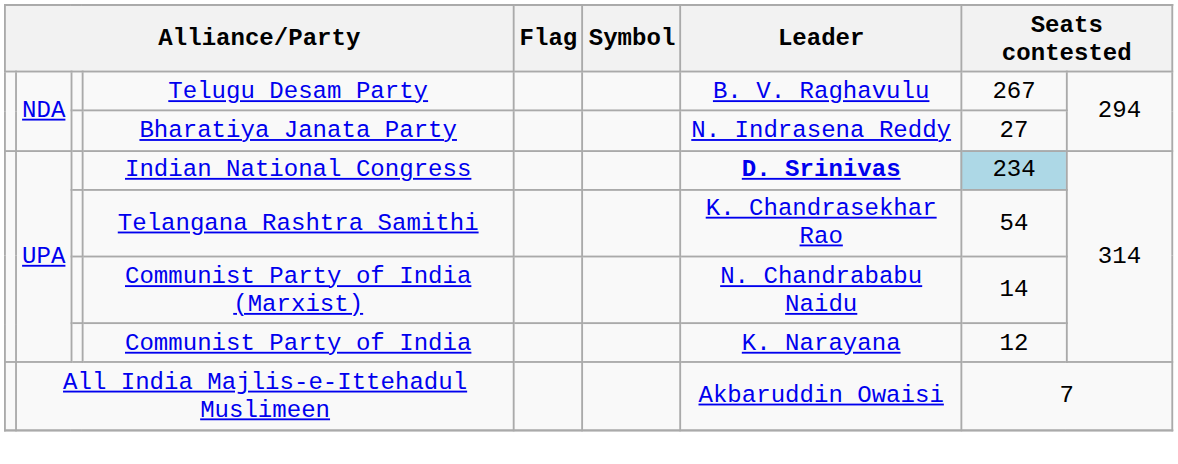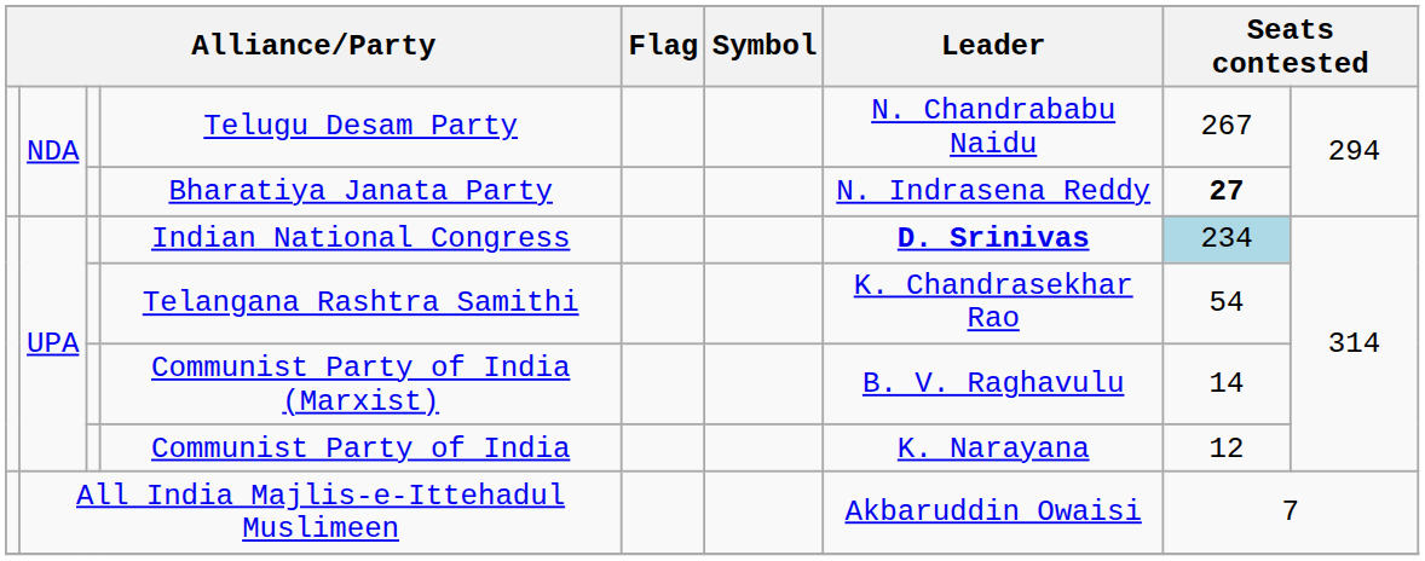 <table class="wikitable sortable" width="50%" style="text-align:center;">
 <tr>
 </tr>
 <tr>
 <th colspan=4>Alliance/Party</th>
 <th>Flag</th>
 <th>Symbol</th>
 <th>Leader</th>
 <th colspan=4>Seats contested</th>
 </tr>
 <tr>
 <td rowspan=2 style="text-align:center; background:"></td>
 <td rowspan=2><a href='#'>NDA</a></td>
 <td style="text-align:center; background:"></td>
 <td><a href='#'>Telugu Desam Party</a></td>
 <td></td>
 <td></td>
-<td><a href='#'>B. V. Raghavulu</a></td>
+<td><a href='#'>N. Chandrababu Naidu</a></td>
 <td>267</td>
 <td rowspan=2>294</td>
 </tr>
 <tr>
 <td style="text-align:center; background:"></td>
 <td><a href='#'>Bharatiya Janata Party</a></td>
 <td></td>
 <td></td>
 <td><a href='#'>N. Indrasena Reddy</a></td>
-<td>27</td>
+<td><strong>27</strong></td>
 </tr>
 <tr>
 <td rowspan=4 style="text-align:center; background:"></td>
 <td rowspan=4><a href='#'>UPA</a></td>
 <td style="text-align:center; background:"></td>
 <td><a href='#'>Indian National Congress</a></td>
 <td></td>
 <td></td>
 <td><strong><a href='#'>D. Srinivas</a></strong></td>
 <td style="background: lightblue;">234</td>
 <td rowspan=4>314<br></td>
 </tr>
 <tr>
 <td style="text-align:center; background:"></td>
 <td><a href='#'>Telangana Rashtra Samithi</a></td>
 <td></td>
 <td></td>
 <td><a href='#'>K. Chandrasekhar Rao</a></td>
 <td>54</td>
 </tr>
 <tr>
 <td style="text-align:center; background:"></td>
 <td><a href='#'>Communist Party of India (Marxist)</a></td>
 <td></td>
 <td></td>
-<td><a href='#'>N. Chandrababu Naidu</a></td>
+<td><a href='#'>B. V. Raghavulu</a></td>
 <td>14</td>
 </tr>
 <tr>
 <td style="text-align:center; background:"></td>
 <td><a href='#'>Communist Party of India</a></td>
 <td></td>
 <td></td>
 <td><a href='#'>K. Narayana</a></td>
 <td>12</td>
 </tr>
 <tr>
 <td style="text-align:center; background:"></td>
 <td colspan=3><a href='#'>All India Majlis-e-Ittehadul Muslimeen</a></td>
 <td></td>
 <td></td>
 <td><a href='#'>Akbaruddin Owaisi</a></td>
 <td colspan=3>7</td>
 </tr>
 <tr>
 </tr>
 </table>
